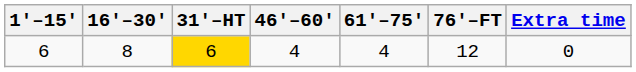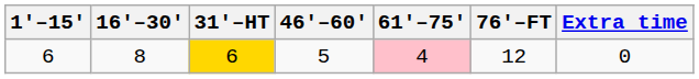 <table class="wikitable" style="text-align:center">
 <tr>
 <th>1'–15'</th>
 <th>16'–30'</th>
 <th>31'–HT</th>
 <th>46'–60'</th>
 <th>61'–75'</th>
 <th>76'–FT</th>
 <th><a href='#'>Extra time</a></th>
 </tr>
 <tr>
 <td>6</td>
 <td>8</td>
 <td style="background: gold;">6</td>
-<td>4</td>
-<td>4</td>
+<td>5</td>
+<td style="background: pink;">4</td>
 <td>12</td>
 <td>0</td>
 </tr>
 </table>
